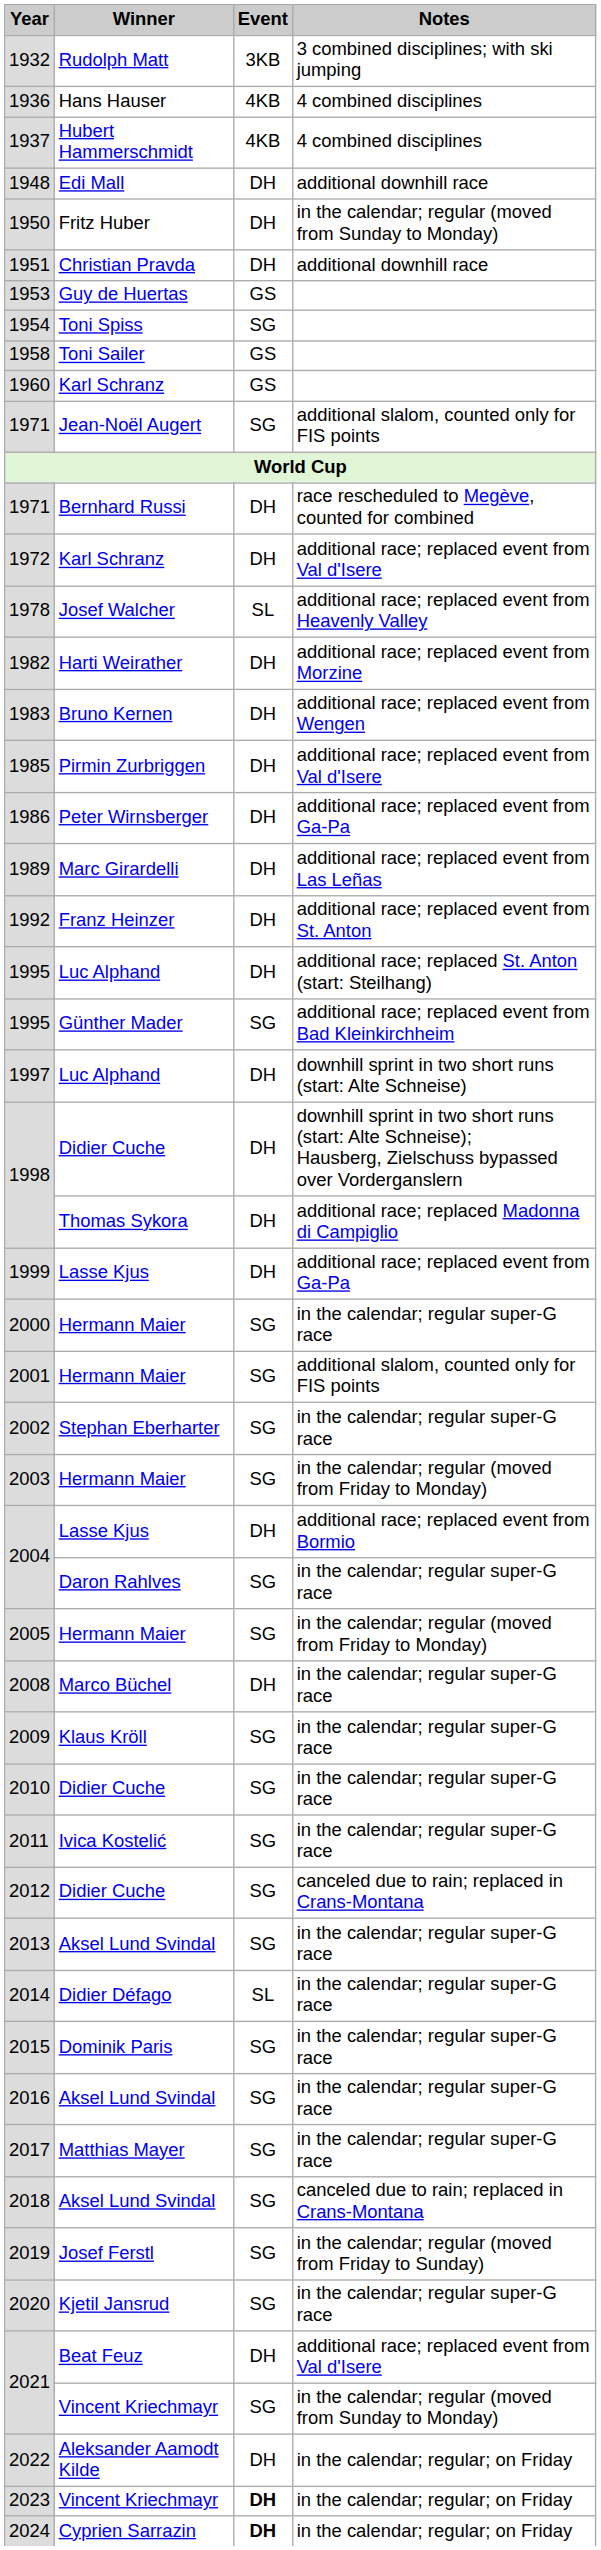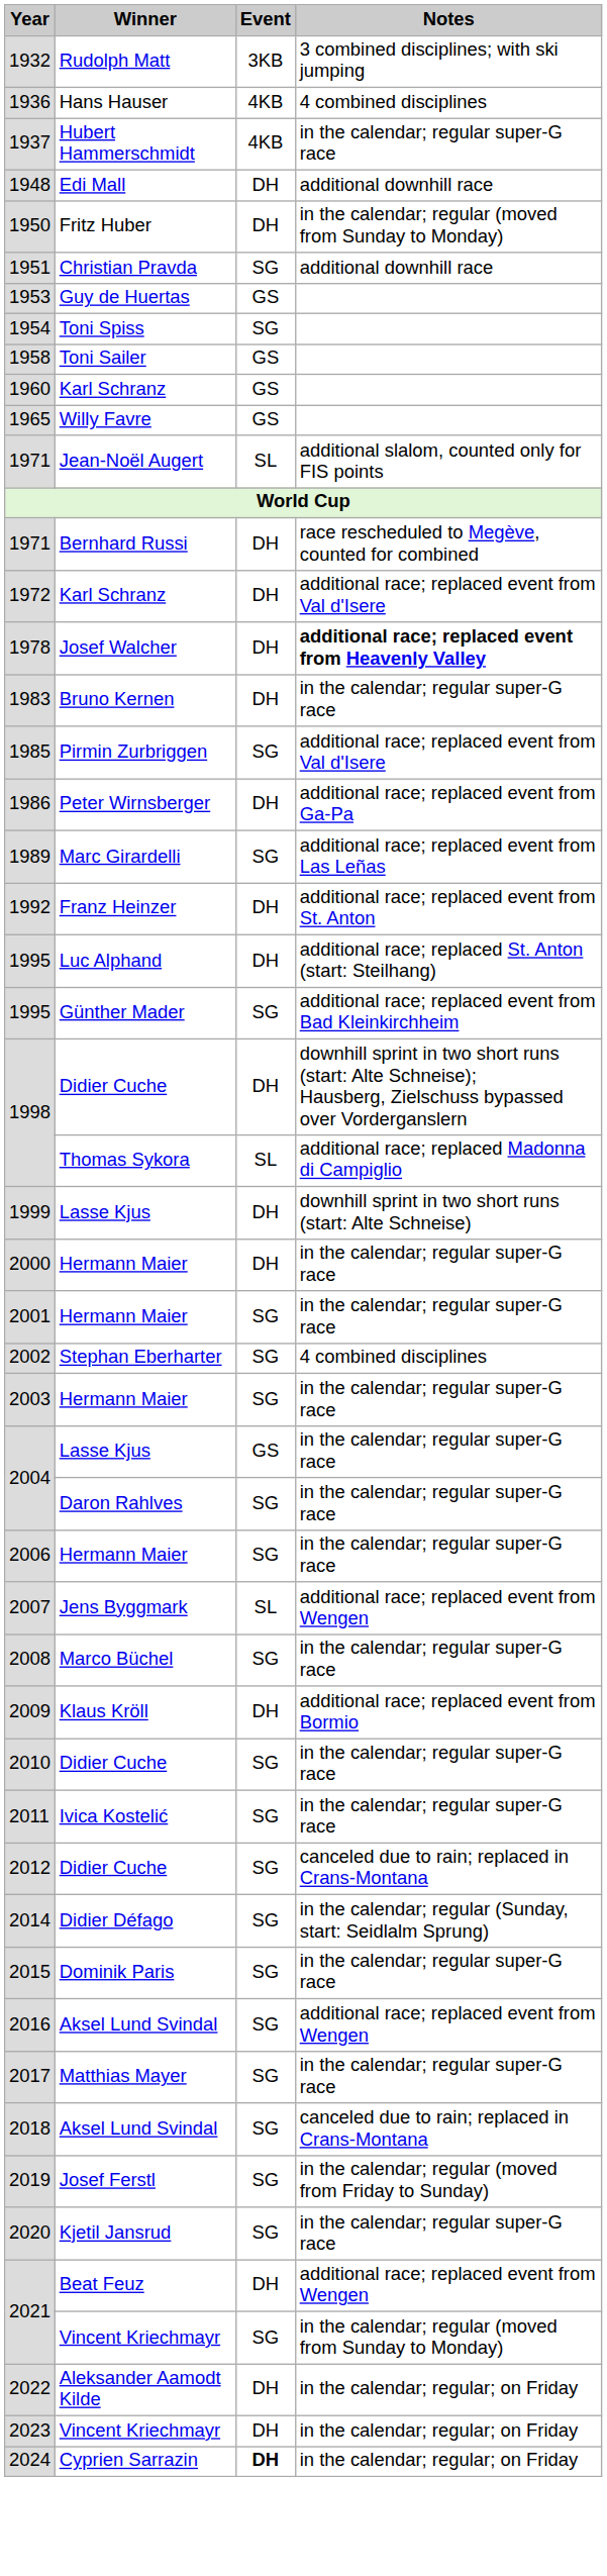 <table class="wikitable" style="background:#fff; font-size:86%; line-height:16px; width:35%; border:grey solid 1px; border-collapse:collapse;">
 <tr>
 <th scope="col" style="background:#ccc;">Year</th>
 <th scope="col" style="background:#ccc;">Winner</th>
 <th scope="col" style="background:#ccc;">Event</th>
 <th scope="col" style="background:#ccc">Notes</th>
 </tr>
 <tr>
 <td bgcolor=gainsboro>1932</td>
 <td> <a href='#'>Rudolph Matt</a></td>
 <td align=center>3KB</td>
 <td>3 combined disciplines; with ski jumping</td>
 </tr>
 <tr>
 <td bgcolor=gainsboro>1936</td>
 <td> Hans Hauser</td>
 <td align=center>4KB</td>
 <td>4 combined disciplines</td>
 </tr>
 <tr>
 <td bgcolor=gainsboro>1937</td>
 <td> <a href='#'>Hubert Hammerschmidt</a></td>
 <td align=center>4KB</td>
-<td>4 combined disciplines</td>
+<td>in the calendar; regular super-G race</td>
 </tr>
 <tr>
 <td bgcolor=gainsboro>1948</td>
 <td> <a href='#'>Edi Mall</a></td>
 <td align=center>DH</td>
 <td>additional downhill race</td>
 </tr>
 <tr>
 <td bgcolor=gainsboro>1950</td>
 <td> Fritz Huber</td>
 <td align=center>DH</td>
 <td>in the calendar; regular (moved from Sunday to Monday)</td>
 </tr>
 <tr>
 <td bgcolor=gainsboro>1951</td>
 <td> <a href='#'>Christian Pravda</a></td>
-<td align=center>DH</td>
+<td align=center>SG</td>
 <td>additional downhill race</td>
 </tr>
 <tr>
 <td bgcolor=gainsboro>1953</td>
 <td> <a href='#'>Guy de Huertas</a></td>
 <td align=center>GS</td>
 <td></td>
 </tr>
 <tr>
 <td bgcolor=gainsboro>1954</td>
 <td> <a href='#'>Toni Spiss</a></td>
 <td align=center>SG</td>
 <td></td>
 </tr>
 <tr>
 <td bgcolor=gainsboro>1958</td>
 <td> <a href='#'>Toni Sailer</a></td>
 <td align=center>GS</td>
 <td></td>
 </tr>
 <tr>
 <td bgcolor=gainsboro>1960</td>
 <td> <a href='#'>Karl Schranz</a></td>
 <td align=center>GS</td>
 <td></td>
 </tr>
 <tr>
+<td bgcolor=gainsboro>1965</td>
+<td> <a href='#'>Willy Favre</a></td>
+<td align=center>GS</td>
+<td></td>
+</tr>
+<tr>
 <td bgcolor=gainsboro>1971</td>
 <td> <a href='#'>Jean-Noël Augert</a></td>
-<td align=center>SG</td>
+<td align=center>SL</td>
 <td>additional slalom, counted only for FIS points</td>
 </tr>
 <tr>
 <td align="center" bgcolor="#E1F5D7" colspan="4"><strong>World Cup</strong></td>
 </tr>
 <tr>
 <td bgcolor=gainsboro>1971</td>
 <td> <a href='#'>Bernhard Russi</a></td>
 <td align=center>DH</td>
 <td>race rescheduled to <a href='#'>Megève</a>, counted for combined</td>
 </tr>
 <tr>
 <td bgcolor=gainsboro>1972</td>
 <td> <a href='#'>Karl Schranz</a></td>
 <td align=center>DH</td>
 <td>additional race; replaced event from <a href='#'>Val d'Isere</a></td>
 </tr>
 <tr>
 <td bgcolor=gainsboro>1978</td>
 <td> <a href='#'>Josef Walcher</a></td>
-<td align=center>SL</td>
-<td>additional race; replaced event from <a href='#'>Heavenly Valley</a></td>
-</tr>
-<tr>
-<td bgcolor=gainsboro>1982</td>
-<td> <a href='#'>Harti Weirather</a></td>
 <td align=center>DH</td>
-<td>additional race; replaced event from <a href='#'>Morzine</a></td>
+<td><strong>additional race; replaced event from <a href='#'>Heavenly Valley</a></strong></td>
 </tr>
 <tr>
 <td bgcolor=gainsboro>1983</td>
 <td> <a href='#'>Bruno Kernen</a></td>
 <td align=center>DH</td>
-<td>additional race; replaced event from <a href='#'>Wengen</a></td>
+<td>in the calendar; regular super-G race</td>
 </tr>
 <tr>
 <td bgcolor=gainsboro>1985</td>
 <td> <a href='#'>Pirmin Zurbriggen</a></td>
-<td align=center>DH</td>
+<td align=center>SG</td>
 <td>additional race; replaced event from <a href='#'>Val d'Isere</a></td>
 </tr>
 <tr>
 <td bgcolor=gainsboro>1986</td>
 <td> <a href='#'>Peter Wirnsberger</a></td>
 <td align=center>DH</td>
 <td>additional race; replaced event from <a href='#'>Ga-Pa</a></td>
 </tr>
 <tr>
 <td bgcolor=gainsboro>1989</td>
 <td> <a href='#'>Marc Girardelli</a></td>
-<td align=center>DH</td>
+<td align=center>SG</td>
 <td>additional race; replaced event from <a href='#'>Las Leñas</a></td>
 </tr>
 <tr>
 <td bgcolor=gainsboro>1992</td>
 <td> <a href='#'>Franz Heinzer</a></td>
 <td align=center>DH</td>
 <td>additional race; replaced event from <a href='#'>St. Anton</a></td>
 </tr>
 <tr>
 <td bgcolor=gainsboro>1995</td>
 <td> <a href='#'>Luc Alphand</a></td>
 <td align=center>DH</td>
 <td>additional race; replaced <a href='#'>St. Anton</a> (start: Steilhang)</td>
 </tr>
 <tr>
 <td bgcolor=gainsboro>1995</td>
 <td> <a href='#'>Günther Mader</a></td>
 <td align=center>SG</td>
 <td>additional race; replaced event from <a href='#'>Bad Kleinkirchheim</a></td>
 </tr>
 <tr>
-<td bgcolor=gainsboro>1997</td>
-<td> <a href='#'>Luc Alphand</a></td>
-<td align=center>DH</td>
-<td>downhill sprint in two short runs (start: Alte Schneise)</td>
-</tr>
-<tr>
 <td bgcolor=gainsboro rowspan=2>1998</td>
 <td> <a href='#'>Didier Cuche</a></td>
 <td align=center>DH</td>
 <td>downhill sprint in two short runs (start: Alte Schneise);<br>Hausberg, Zielschuss bypassed over Vorderganslern</td>
 </tr>
 <tr>
 <td> <a href='#'>Thomas Sykora</a></td>
-<td align=center>DH</td>
+<td align=center>SL</td>
 <td>additional race; replaced <a href='#'>Madonna di Campiglio</a></td>
 </tr>
 <tr>
 <td bgcolor=gainsboro>1999</td>
 <td> <a href='#'>Lasse Kjus</a></td>
 <td align=center>DH</td>
-<td>additional race; replaced event from <a href='#'>Ga-Pa</a></td>
+<td>downhill sprint in two short runs (start: Alte Schneise)</td>
 </tr>
 <tr>
 <td bgcolor=gainsboro>2000</td>
 <td> <a href='#'>Hermann Maier</a></td>
-<td align=center>SG</td>
+<td align=center>DH</td>
 <td>in the calendar; regular super-G race</td>
 </tr>
 <tr>
 <td bgcolor=gainsboro>2001</td>
 <td> <a href='#'>Hermann Maier</a></td>
 <td align=center>SG</td>
-<td>additional slalom, counted only for FIS points</td>
+<td>in the calendar; regular super-G race</td>
 </tr>
 <tr>
 <td bgcolor=gainsboro>2002</td>
 <td> <a href='#'>Stephan Eberharter</a></td>
 <td align=center>SG</td>
-<td>in the calendar; regular super-G race</td>
+<td>4 combined disciplines</td>
 </tr>
 <tr>
 <td bgcolor=gainsboro>2003</td>
 <td> <a href='#'>Hermann Maier</a></td>
 <td align=center>SG</td>
-<td>in the calendar; regular (moved from Friday to Monday)</td>
+<td>in the calendar; regular super-G race</td>
 </tr>
 <tr>
 <td rowspan=2 bgcolor=gainsboro>2004</td>
 <td> <a href='#'>Lasse Kjus</a></td>
-<td align=center>DH</td>
-<td>additional race; replaced event from <a href='#'>Bormio</a></td>
+<td align=center>GS</td>
+<td>in the calendar; regular super-G race</td>
 </tr>
 <tr>
 <td> <a href='#'>Daron Rahlves</a></td>
 <td align=center>SG</td>
 <td>in the calendar; regular super-G race</td>
 </tr>
 <tr>
-<td bgcolor=gainsboro>2005</td>
+<td bgcolor=gainsboro>2006</td>
 <td> <a href='#'>Hermann Maier</a></td>
 <td align=center>SG</td>
-<td>in the calendar; regular (moved from Friday to Monday)</td>
+<td>in the calendar; regular super-G race</td>
+</tr>
+<tr>
+<td bgcolor=gainsboro>2007</td>
+<td> <a href='#'>Jens Byggmark</a></td>
+<td align=center>SL</td>
+<td>additional race; replaced event from <a href='#'>Wengen</a></td>
 </tr>
 <tr>
 <td bgcolor=gainsboro>2008</td>
 <td> <a href='#'>Marco Büchel</a></td>
-<td align=center>DH</td>
+<td align=center>SG</td>
 <td>in the calendar; regular super-G race</td>
 </tr>
 <tr>
 <td bgcolor=gainsboro>2009</td>
 <td> <a href='#'>Klaus Kröll</a></td>
-<td align=center>SG</td>
-<td>in the calendar; regular super-G race</td>
+<td align=center>DH</td>
+<td>additional race; replaced event from <a href='#'>Bormio</a></td>
 </tr>
 <tr>
 <td bgcolor=gainsboro>2010</td>
 <td> <a href='#'>Didier Cuche</a></td>
 <td align=center>SG</td>
 <td>in the calendar; regular super-G race</td>
 </tr>
 <tr>
 <td bgcolor=gainsboro>2011</td>
 <td> <a href='#'>Ivica Kostelić</a></td>
 <td align=center>SG</td>
 <td>in the calendar; regular super-G race</td>
 </tr>
 <tr>
 <td bgcolor=gainsboro>2012</td>
 <td> <a href='#'>Didier Cuche</a></td>
 <td align=center>SG</td>
 <td>canceled due to rain; replaced in <a href='#'>Crans-Montana</a></td>
 </tr>
 <tr>
-<td bgcolor=gainsboro>2013</td>
-<td> <a href='#'>Aksel Lund Svindal</a></td>
-<td align=center>SG</td>
-<td>in the calendar; regular super-G race</td>
-</tr>
-<tr>
 <td bgcolor=gainsboro>2014</td>
 <td> <a href='#'>Didier Défago</a></td>
-<td align=center>SL</td>
-<td>in the calendar; regular super-G race</td>
+<td align=center>SG</td>
+<td>in the calendar; regular (Sunday, start: Seidlalm Sprung)</td>
 </tr>
 <tr>
 <td bgcolor=gainsboro>2015</td>
 <td> <a href='#'>Dominik Paris</a></td>
 <td align=center>SG</td>
 <td>in the calendar; regular super-G race</td>
 </tr>
 <tr>
 <td bgcolor=gainsboro>2016</td>
 <td> <a href='#'>Aksel Lund Svindal</a></td>
 <td align=center>SG</td>
-<td>in the calendar; regular super-G race</td>
+<td>additional race; replaced event from <a href='#'>Wengen</a></td>
 </tr>
 <tr>
 <td bgcolor=gainsboro>2017</td>
 <td> <a href='#'>Matthias Mayer</a></td>
 <td align=center>SG</td>
 <td>in the calendar; regular super-G race</td>
 </tr>
 <tr>
 <td bgcolor=gainsboro>2018</td>
 <td> <a href='#'>Aksel Lund Svindal</a></td>
 <td align=center>SG</td>
 <td>canceled due to rain; replaced in <a href='#'>Crans-Montana</a></td>
 </tr>
 <tr>
 <td bgcolor=gainsboro>2019</td>
 <td> <a href='#'>Josef Ferstl</a></td>
 <td align=center>SG</td>
 <td>in the calendar; regular (moved from Friday to Sunday)</td>
 </tr>
 <tr>
 <td bgcolor=gainsboro>2020</td>
 <td> <a href='#'>Kjetil Jansrud</a></td>
 <td align=center>SG</td>
 <td>in the calendar; regular super-G race</td>
 </tr>
 <tr>
 <td bgcolor=gainsboro rowspan=2>2021</td>
 <td> <a href='#'>Beat Feuz</a></td>
 <td align=center>DH</td>
-<td>additional race; replaced event from <a href='#'>Val d'Isere</a></td>
+<td>additional race; replaced event from <a href='#'>Wengen</a></td>
 </tr>
 <tr>
 <td> <a href='#'>Vincent Kriechmayr</a></td>
 <td align=center>SG</td>
 <td>in the calendar; regular (moved from Sunday to Monday)</td>
 </tr>
 <tr>
 <td bgcolor=gainsboro>2022</td>
 <td> <a href='#'>Aleksander Aamodt Kilde</a></td>
 <td align=center>DH</td>
 <td>in the calendar; regular; on Friday</td>
 </tr>
 <tr>
 <td bgcolor=gainsboro>2023</td>
 <td> <a href='#'>Vincent Kriechmayr</a></td>
-<td align=center><strong>DH</strong></td>
+<td align=center>DH</td>
 <td>in the calendar; regular; on Friday</td>
 </tr>
 <tr>
 <td bgcolor=gainsboro>2024</td>
 <td> <a href='#'>Cyprien Sarrazin</a></td>
 <td align=center><strong>DH</strong></td>
 <td>in the calendar; regular; on Friday</td>
 </tr>
 </table>
